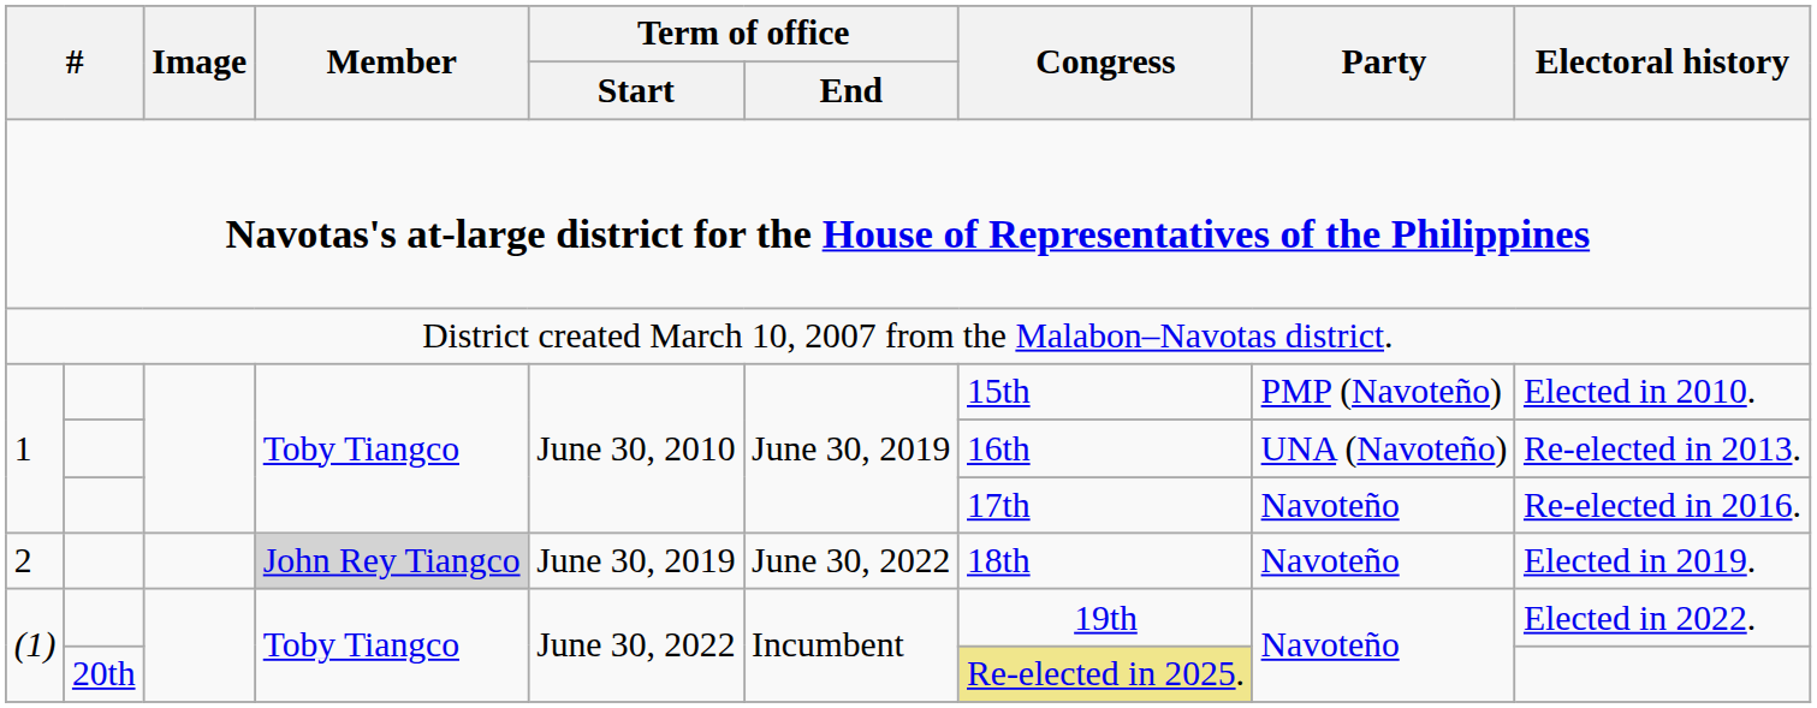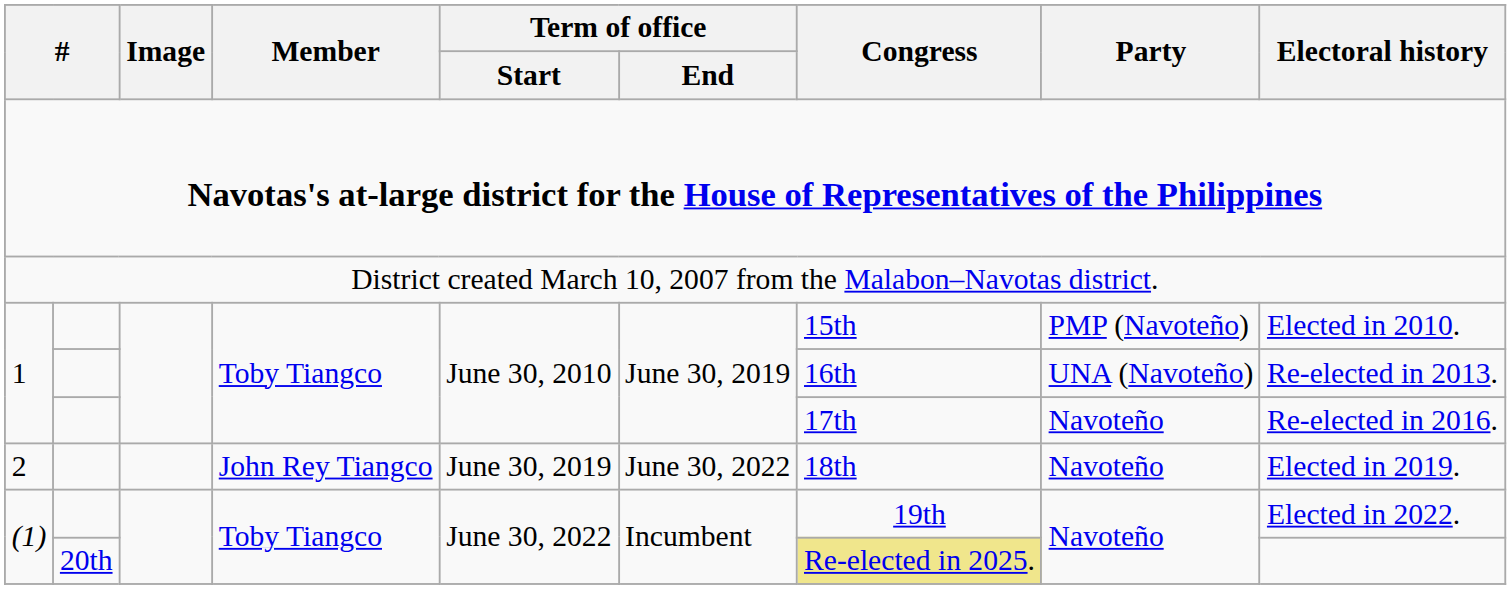 <table class="wikitable">
 <tr>
 <th rowspan="2" colspan="2">#</th>
 <th rowspan="2">Image</th>
 <th rowspan="2">Member</th>
 <th colspan="2">Term of office</th>
 <th rowspan="2">Congress</th>
 <th rowspan="2">Party</th>
 <th rowspan="2">Electoral history</th>
 </tr>
 <tr>
 <th>Start</th>
 <th>End</th>
 </tr>
 <tr>
 <td colspan="10" style="text-align:center;"><br><h3>Navotas's at-large district for the <a href='#'>House of Representatives of the Philippines</a></h3></td>
 </tr>
 <tr>
 <td colspan="10" style="text-align:center;">District created March 10, 2007 from the <a href='#'>Malabon–Navotas district</a>.</td>
 </tr>
 <tr>
 <td rowspan="3">1</td>
 <td style="color:inherit;background:"></td>
 <td rowspan="3"></td>
 <td rowspan="3"><a href='#'>Toby Tiangco</a></td>
 <td rowspan="3">June 30, 2010</td>
 <td rowspan="3">June 30, 2019</td>
 <td><a href='#'>15th</a></td>
 <td><a href='#'>PMP</a> (<a href='#'>Navoteño</a>)</td>
 <td><a href='#'>Elected in 2010</a>.</td>
 </tr>
 <tr>
 <td style="color:inherit;background:"></td>
 <td><a href='#'>16th</a></td>
 <td><a href='#'>UNA</a> (<a href='#'>Navoteño</a>)</td>
 <td><a href='#'>Re-elected in 2013</a>.</td>
 </tr>
 <tr>
 <td style="color:inherit;background:"></td>
 <td><a href='#'>17th</a></td>
 <td><a href='#'>Navoteño</a></td>
 <td><a href='#'>Re-elected in 2016</a>.</td>
 </tr>
 <tr>
 <td>2</td>
 <td style="color:inherit;background:"></td>
 <td></td>
-<td style="background: lightgrey;"><a href='#'>John Rey Tiangco</a></td>
+<td><a href='#'>John Rey Tiangco</a></td>
 <td>June 30, 2019</td>
 <td>June 30, 2022</td>
 <td><a href='#'>18th</a></td>
 <td><a href='#'>Navoteño</a></td>
 <td><a href='#'>Elected in 2019</a>.</td>
 </tr>
 <tr>
 <td rowspan="2"><em>(1)</em></td>
 <td style="color:inherit;background:"></td>
 <td rowspan="2"></td>
 <td rowspan="2"><a href='#'>Toby Tiangco</a></td>
 <td rowspan="2">June 30, 2022</td>
 <td rowspan="2">Incumbent</td>
 <td style="text-align:center;"><a href='#'>19th</a></td>
 <td rowspan="2"><a href='#'>Navoteño</a></td>
 <td><a href='#'>Elected in 2022</a>.</td>
 </tr>
 <tr>
 <td style="text-align:center;"><a href='#'>20th</a></td>
 <td style="background: khaki;"><a href='#'>Re-elected in 2025</a>.</td>
 </tr>
 </table>
